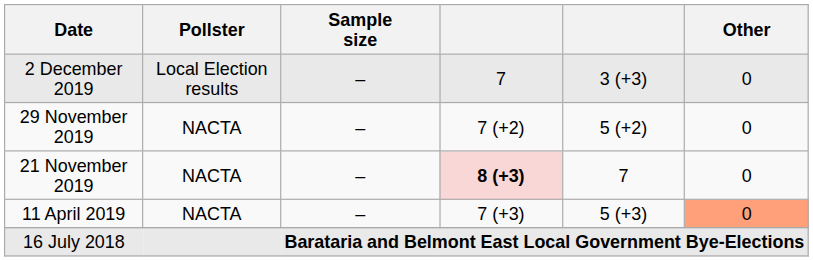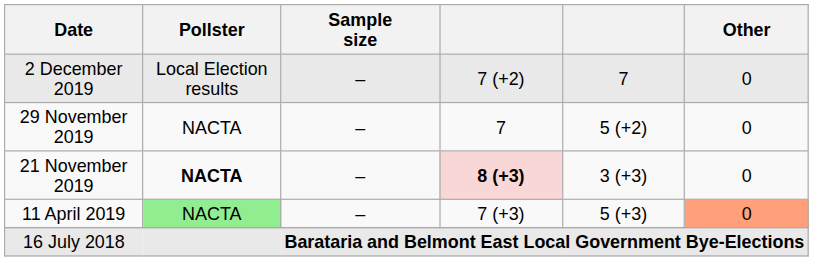 <table class="wikitable sortable collapsible" style="text-align:center;font-size:95%;">
 <tr style="height:42px;">
 <th style="width:110px;">Date</th>
 <th style="width:110px;">Pollster</th>
 <th data-sort-type="number">Sample<br>size</th>
 <th class="unsortable" style="background:"><a href='#'></a></th>
 <th class="unsortable" style="background:"><a href='#'></a></th>
 <th class="unsortable">Other</th>
 </tr>
 <tr style="background:#E9E9E9;">
 <td data-sort-value="2019-12-02">2 December 2019</td>
 <td>Local Election results</td>
 <td>–</td>
+<td>7 (+2)</td>
 <td>7</td>
-<td>3 (+3)</td>
 <td>0</td>
 </tr>
 <tr>
 <td data-sort-value="2019-11-29">29 November 2019</td>
 <td>NACTA</td>
 <td>–</td>
-<td>7 (+2)</td>
+<td>7</td>
 <td>5 (+2)</td>
 <td>0</td>
 </tr>
 <tr>
 <td data-sort-value="2019-11-21">21 November 2019</td>
-<td>NACTA</td>
+<td><strong>NACTA</strong></td>
 <td>–</td>
 <td style="background:#F8D7D6"><strong>8 (+3)</strong></td>
-<td>7</td>
+<td>3 (+3)</td>
 <td>0</td>
 </tr>
 <tr>
 <td data-sort-value="2019-04-11">11 April 2019</td>
-<td>NACTA</td>
+<td style="background: lightgreen;">NACTA</td>
 <td>–</td>
 <td>7 (+3)</td>
 <td>5 (+3)</td>
 <td style="background: lightsalmon;">0</td>
 </tr>
 <tr style="background:#E9E9E9;">
 </tr>
 <tr style="background:#E9E9E9;">
 <td style="border-right-style:hidden;" data-sort-value="2018-07-16">16 July 2018</td>
 <td style="border-right-style:hidden;"></td>
 <td style="font-weight:bold;" colspan="6"><strong> Barataria and Belmont East Local Government Bye-Elections</strong></td>
 </tr>
 </table>
